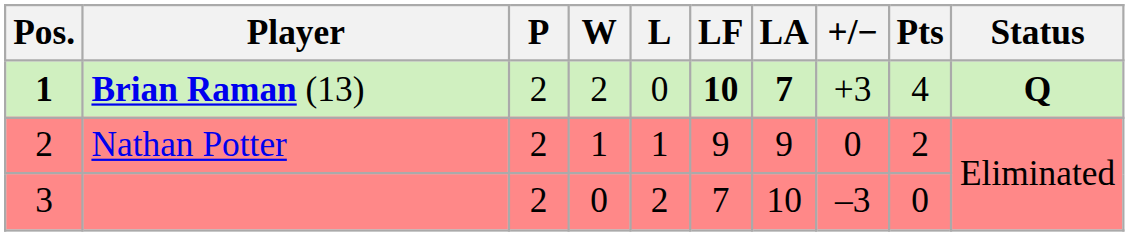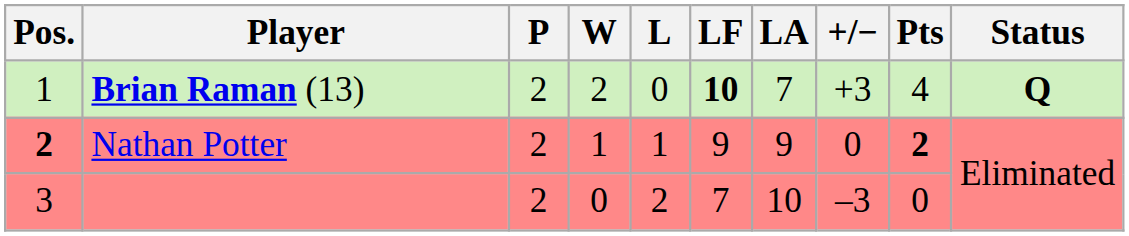 <table class="wikitable" style="text-align:center; margin: 1em auto 1em auto, align:left">
 <tr>
 <th width=20>Pos.</th>
 <th width=185>Player</th>
 <th width=20>P</th>
 <th width=20>W</th>
 <th width=20>L</th>
 <th width=20>LF</th>
 <th width=20>LA</th>
 <th width=25>+/−</th>
 <th width=20>Pts</th>
 <th width=70>Status</th>
 </tr>
 <tr style="background:#D0F0C0;">
-<td><strong>1</strong></td>
+<td>1</td>
 <td align=left> <strong><a href='#'>Brian Raman</a></strong> (13)</td>
 <td>2</td>
 <td>2</td>
 <td>0</td>
 <td><strong>10</strong></td>
-<td><strong>7</strong></td>
+<td>7</td>
 <td>+3</td>
 <td>4</td>
 <td><strong>Q</strong></td>
 </tr>
 <tr style="background:#FF8888;">
-<td>2</td>
+<td><strong>2</strong></td>
 <td align=left> <a href='#'>Nathan Potter</a></td>
 <td>2</td>
 <td>1</td>
 <td>1</td>
 <td>9</td>
 <td>9</td>
 <td>0</td>
-<td>2</td>
+<td><strong>2</strong></td>
 <td rowspan=2>Eliminated</td>
 </tr>
 <tr style="background:#FF8888;">
 <td>3</td>
 <td align=left></td>
 <td>2</td>
 <td>0</td>
 <td>2</td>
 <td>7</td>
 <td>10</td>
 <td>–3</td>
 <td>0</td>
 </tr>
 </table>
